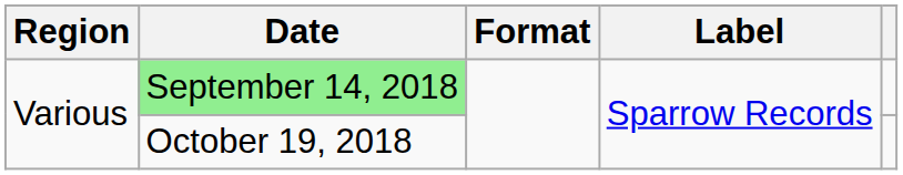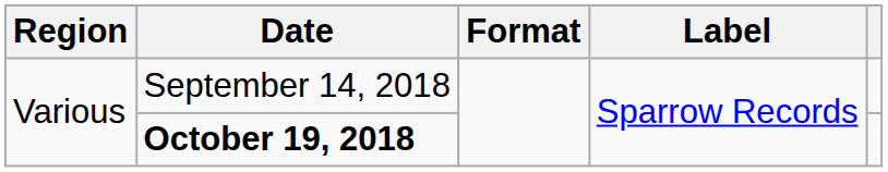 <table class="wikitable plainrowheaders">
 <tr>
 <th scope="col">Region</th>
 <th scope="col">Date</th>
 <th scope="col">Format</th>
 <th scope="col">Label</th>
 <th scope="col"></th>
 </tr>
 <tr>
 <td rowspan="2">Various</td>
-<td style="background: lightgreen;">September 14, 2018</td>
+<td>September 14, 2018</td>
 <td rowspan="2"></td>
 <td rowspan="2"><a href='#'>Sparrow Records</a></td>
 <td></td>
 </tr>
 <tr>
-<td>October 19, 2018<br></td>
+<td><strong>October 19, 2018<br></strong></td>
 <td></td>
 </tr>
 </table>
